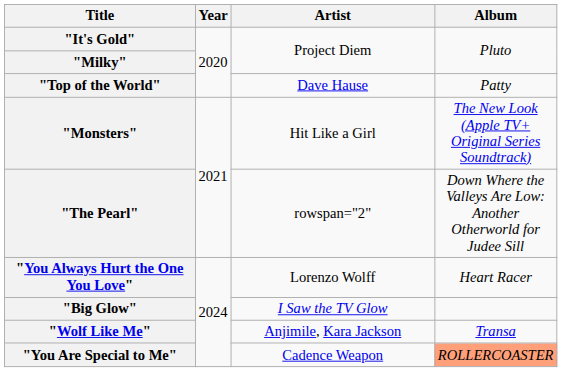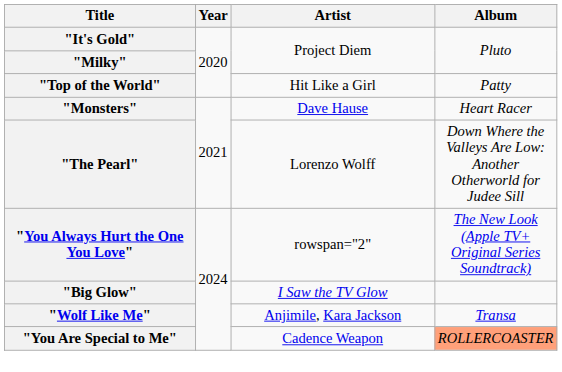 <table class="wikitable plainrowheaders" style="text-align:center;">
 <tr>
 <th scope="col" style="width:14em;">Title</th>
 <th scope="col" style="width:1em;">Year</th>
 <th scope="col" style="width:15em;">Artist</th>
 <th scope="col">Album</th>
 </tr>
 <tr>
 <th scope="row">"It's Gold"</th>
 <td rowspan="3">2020</td>
 <td rowspan="2">Project Diem</td>
 <td rowspan="2"><em>Pluto</em></td>
 </tr>
 <tr>
 <th scope="row">"Milky"</th>
 </tr>
 <tr>
 <th scope="row">"Top of the World"</th>
-<td><a href='#'>Dave Hause</a></td>
+<td>Hit Like a Girl</td>
 <td><em>Patty</em></td>
 </tr>
 <tr>
 <th scope="row">"Monsters"</th>
 <td rowspan="2">2021</td>
-<td>Hit Like a Girl</td>
-<td><em><a href='#'>The New Look (Apple TV+ Original Series Soundtrack)</a></em></td>
+<td><a href='#'>Dave Hause</a></td>
+<td><em>Heart Racer</em></td>
 </tr>
 <tr>
 <th scope="row">"The Pearl"</th>
-<td>rowspan="2" </td>
+<td>Lorenzo Wolff</td>
 <td><em>Down Where the Valleys Are Low: Another Otherworld for Judee Sill</em></td>
 </tr>
 <tr>
 <th scope="row">"<a href='#'>You Always Hurt the One You Love</a>"</th>
 <td rowspan="4">2024</td>
-<td>Lorenzo Wolff</td>
-<td><em>Heart Racer</em></td>
+<td>rowspan="2" </td>
+<td><em><a href='#'>The New Look (Apple TV+ Original Series Soundtrack)</a></em></td>
 </tr>
 <tr>
 <th scope="row">"Big Glow"</th>
 <td><em><a href='#'>I Saw the TV Glow</a></em></td>
 </tr>
 <tr>
 <th scope="row">"<a href='#'>Wolf Like Me</a>"</th>
 <td><a href='#'>Anjimile</a>, <a href='#'>Kara Jackson</a></td>
 <td><em><a href='#'>Transa</a></em></td>
 </tr>
 <tr>
 <th scope="row">"You Are Special to Me"</th>
 <td><a href='#'>Cadence Weapon</a></td>
 <td style="background: lightsalmon;"><em>ROLLERCOASTER</em></td>
 </tr>
 </table>
